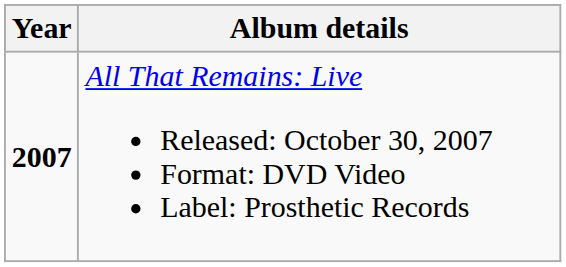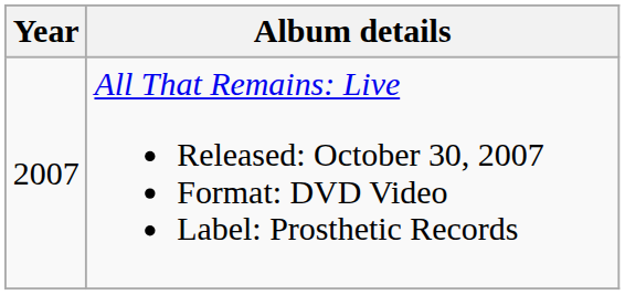 <table class="wikitable">
 <tr>
 <th>Year</th>
 <th style="width:250px;">Album details</th>
 </tr>
 <tr>
-<td><strong>2007</strong></td>
+<td>2007</td>
 <td><em><a href='#'>All That Remains: Live</a></em><br><ul><li>Released: October 30, 2007</li><li>Format: DVD Video</li><li>Label: Prosthetic Records</li></ul></td>
 </tr>
 </table>
